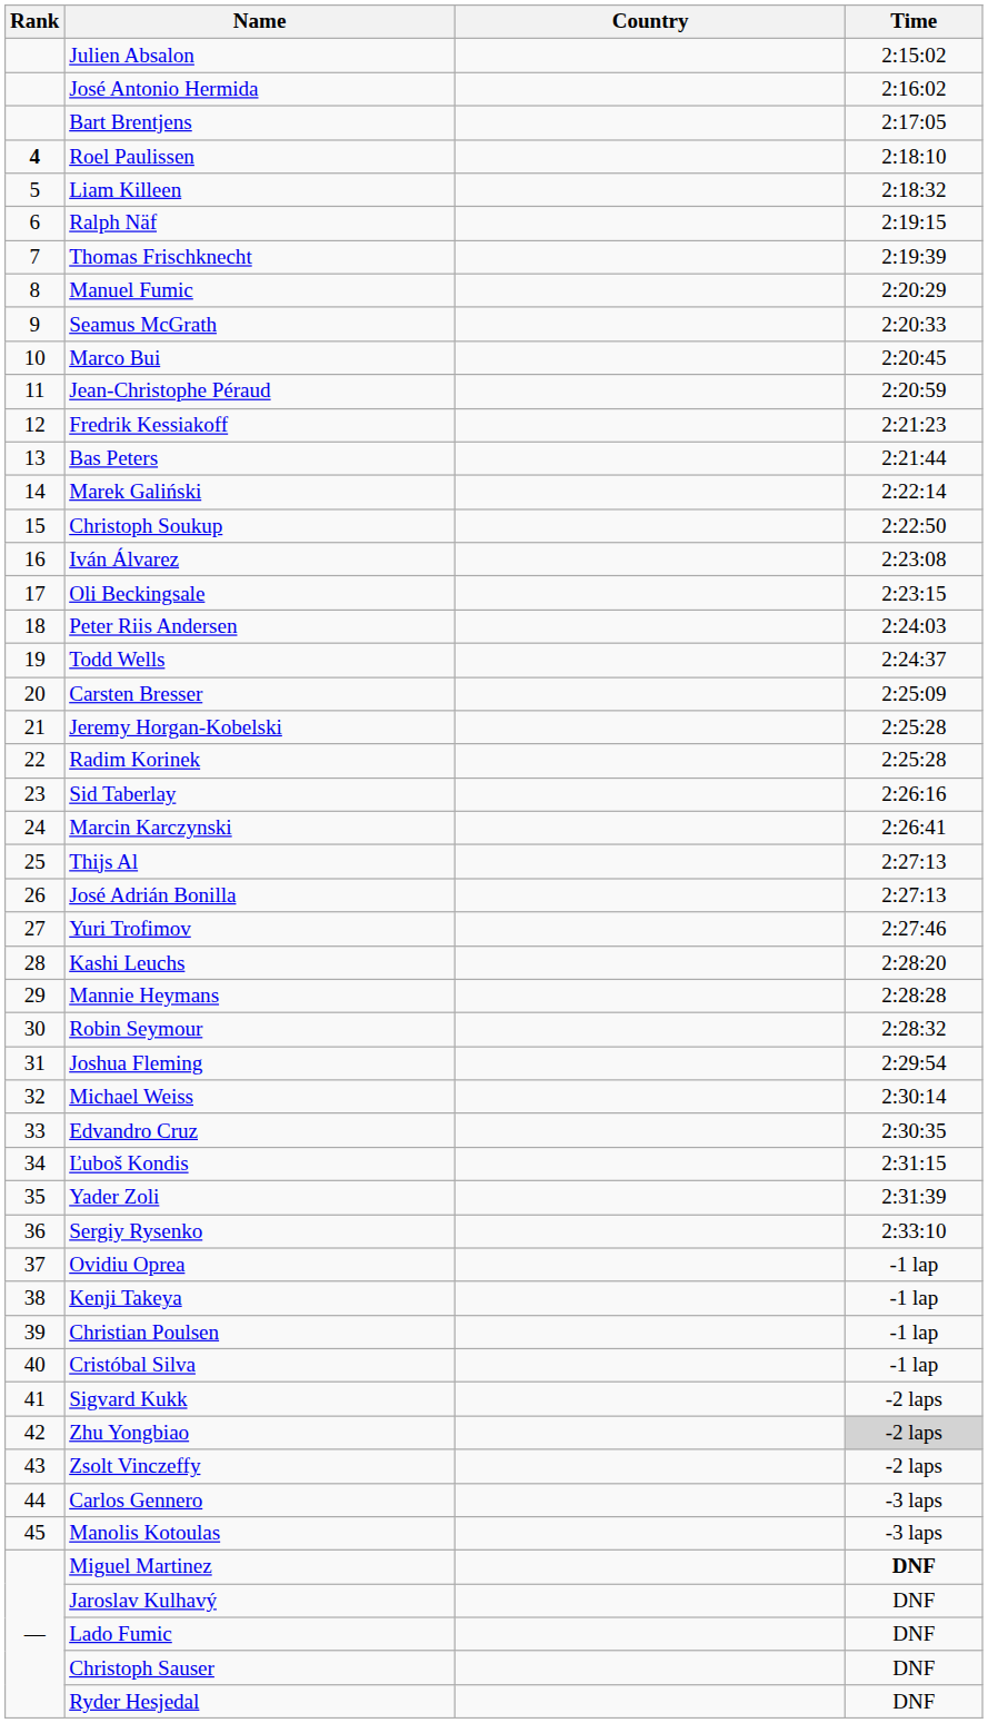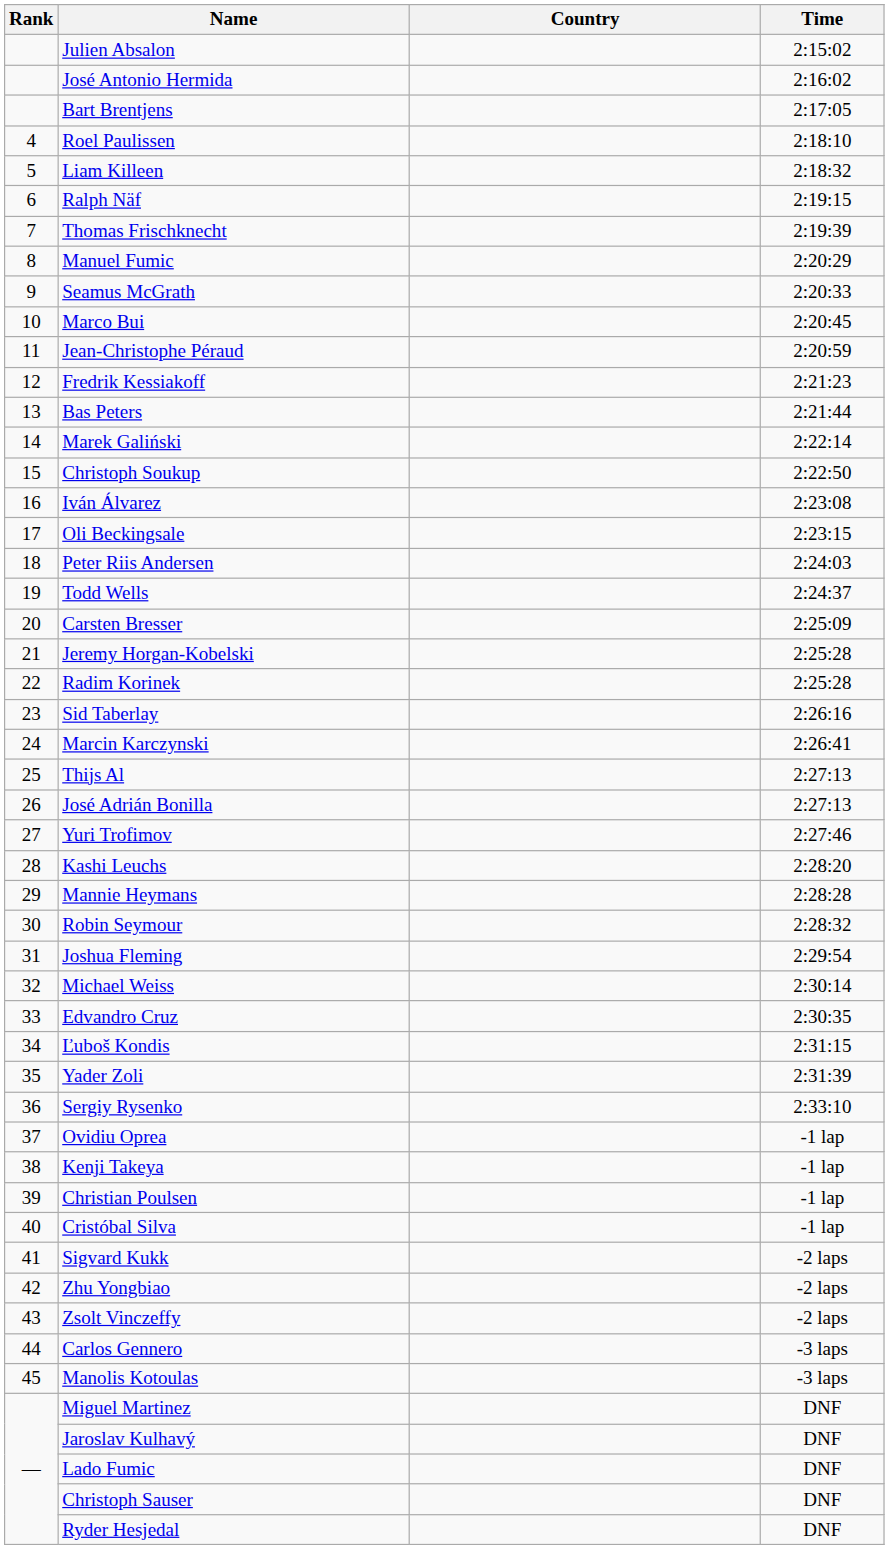 <table class="wikitable sortable" style="text-align:center;">
 <tr>
 <th>Rank</th>
 <th style="width:18em">Name</th>
 <th style="width:18em">Country</th>
 <th style="width:6em">Time</th>
 </tr>
 <tr>
 <td></td>
 <td align=left><a href='#'>Julien Absalon</a></td>
 <td></td>
 <td>2:15:02</td>
 </tr>
 <tr>
 <td></td>
 <td align=left><a href='#'>José Antonio Hermida</a></td>
 <td></td>
 <td>2:16:02</td>
 </tr>
 <tr>
 <td></td>
 <td align=left><a href='#'>Bart Brentjens</a></td>
 <td></td>
 <td>2:17:05</td>
 </tr>
 <tr>
-<td><strong>4</strong></td>
+<td>4</td>
 <td align=left><a href='#'>Roel Paulissen</a></td>
 <td></td>
 <td>2:18:10</td>
 </tr>
 <tr>
 <td>5</td>
 <td align=left><a href='#'>Liam Killeen</a></td>
 <td></td>
 <td>2:18:32</td>
 </tr>
 <tr>
 <td>6</td>
 <td align=left><a href='#'>Ralph Näf</a></td>
 <td></td>
 <td>2:19:15</td>
 </tr>
 <tr>
 <td>7</td>
 <td align=left><a href='#'>Thomas Frischknecht</a></td>
 <td></td>
 <td>2:19:39</td>
 </tr>
 <tr>
 <td>8</td>
 <td align=left><a href='#'>Manuel Fumic</a></td>
 <td></td>
 <td>2:20:29</td>
 </tr>
 <tr>
 <td>9</td>
 <td align=left><a href='#'>Seamus McGrath</a></td>
 <td></td>
 <td>2:20:33</td>
 </tr>
 <tr>
 <td>10</td>
 <td align=left><a href='#'>Marco Bui</a></td>
 <td></td>
 <td>2:20:45</td>
 </tr>
 <tr>
 <td>11</td>
 <td align=left><a href='#'>Jean-Christophe Péraud</a></td>
 <td></td>
 <td>2:20:59</td>
 </tr>
 <tr>
 <td>12</td>
 <td align=left><a href='#'>Fredrik Kessiakoff</a></td>
 <td></td>
 <td>2:21:23</td>
 </tr>
 <tr>
 <td>13</td>
 <td align=left><a href='#'>Bas Peters</a></td>
 <td></td>
 <td>2:21:44</td>
 </tr>
 <tr>
 <td>14</td>
 <td align=left><a href='#'>Marek Galiński</a></td>
 <td></td>
 <td>2:22:14</td>
 </tr>
 <tr>
 <td>15</td>
 <td align=left><a href='#'>Christoph Soukup</a></td>
 <td></td>
 <td>2:22:50</td>
 </tr>
 <tr>
 <td>16</td>
 <td align=left><a href='#'>Iván Álvarez</a></td>
 <td></td>
 <td>2:23:08</td>
 </tr>
 <tr>
 <td>17</td>
 <td align=left><a href='#'>Oli Beckingsale</a></td>
 <td></td>
 <td>2:23:15</td>
 </tr>
 <tr>
 <td>18</td>
 <td align=left><a href='#'>Peter Riis Andersen</a></td>
 <td></td>
 <td>2:24:03</td>
 </tr>
 <tr>
 <td>19</td>
 <td align=left><a href='#'>Todd Wells</a></td>
 <td></td>
 <td>2:24:37</td>
 </tr>
 <tr>
 <td>20</td>
 <td align=left><a href='#'>Carsten Bresser</a></td>
 <td></td>
 <td>2:25:09</td>
 </tr>
 <tr>
 <td>21</td>
 <td align=left><a href='#'>Jeremy Horgan-Kobelski</a></td>
 <td></td>
 <td>2:25:28</td>
 </tr>
 <tr>
 <td>22</td>
 <td align=left><a href='#'>Radim Korinek</a></td>
 <td></td>
 <td>2:25:28</td>
 </tr>
 <tr>
 <td>23</td>
 <td align=left><a href='#'>Sid Taberlay</a></td>
 <td></td>
 <td>2:26:16</td>
 </tr>
 <tr>
 <td>24</td>
 <td align=left><a href='#'>Marcin Karczynski</a></td>
 <td></td>
 <td>2:26:41</td>
 </tr>
 <tr>
 <td>25</td>
 <td align=left><a href='#'>Thijs Al</a></td>
 <td></td>
 <td>2:27:13</td>
 </tr>
 <tr>
 <td>26</td>
 <td align=left><a href='#'>José Adrián Bonilla</a></td>
 <td></td>
 <td>2:27:13</td>
 </tr>
 <tr>
 <td>27</td>
 <td align=left><a href='#'>Yuri Trofimov</a></td>
 <td></td>
 <td>2:27:46</td>
 </tr>
 <tr>
 <td>28</td>
 <td align=left><a href='#'>Kashi Leuchs</a></td>
 <td></td>
 <td>2:28:20</td>
 </tr>
 <tr>
 <td>29</td>
 <td align=left><a href='#'>Mannie Heymans</a></td>
 <td></td>
 <td>2:28:28</td>
 </tr>
 <tr>
 <td>30</td>
 <td align=left><a href='#'>Robin Seymour</a></td>
 <td></td>
 <td>2:28:32</td>
 </tr>
 <tr>
 <td>31</td>
 <td align=left><a href='#'>Joshua Fleming</a></td>
 <td></td>
 <td>2:29:54</td>
 </tr>
 <tr>
 <td>32</td>
 <td align=left><a href='#'>Michael Weiss</a></td>
 <td></td>
 <td>2:30:14</td>
 </tr>
 <tr>
 <td>33</td>
 <td align=left><a href='#'>Edvandro Cruz</a></td>
 <td></td>
 <td>2:30:35</td>
 </tr>
 <tr>
 <td>34</td>
 <td align=left><a href='#'>Ľuboš Kondis</a></td>
 <td></td>
 <td>2:31:15</td>
 </tr>
 <tr>
 <td>35</td>
 <td align=left><a href='#'>Yader Zoli</a></td>
 <td></td>
 <td>2:31:39</td>
 </tr>
 <tr>
 <td>36</td>
 <td align=left><a href='#'>Sergiy Rysenko</a></td>
 <td></td>
 <td>2:33:10</td>
 </tr>
 <tr>
 <td>37</td>
 <td align=left><a href='#'>Ovidiu Oprea</a></td>
 <td></td>
 <td>-1 lap</td>
 </tr>
 <tr>
 <td>38</td>
 <td align=left><a href='#'>Kenji Takeya</a></td>
 <td></td>
 <td>-1 lap</td>
 </tr>
 <tr>
 <td>39</td>
 <td align=left><a href='#'>Christian Poulsen</a></td>
 <td></td>
 <td>-1 lap</td>
 </tr>
 <tr>
 <td>40</td>
 <td align=left><a href='#'>Cristóbal Silva</a></td>
 <td></td>
 <td>-1 lap</td>
 </tr>
 <tr>
 <td>41</td>
 <td align=left><a href='#'>Sigvard Kukk</a></td>
 <td></td>
 <td>-2 laps</td>
 </tr>
 <tr>
 <td>42</td>
 <td align=left><a href='#'>Zhu Yongbiao</a></td>
 <td></td>
-<td style="background: lightgrey;">-2 laps</td>
+<td>-2 laps</td>
 </tr>
 <tr>
 <td>43</td>
 <td align=left><a href='#'>Zsolt Vinczeffy</a></td>
 <td></td>
 <td>-2 laps</td>
 </tr>
 <tr>
 <td>44</td>
 <td align=left><a href='#'>Carlos Gennero</a></td>
 <td></td>
 <td>-3 laps</td>
 </tr>
 <tr>
 <td>45</td>
 <td align=left><a href='#'>Manolis Kotoulas</a></td>
 <td></td>
 <td>-3 laps</td>
 </tr>
 <tr>
 <td rowspan=5>—</td>
 <td align=left><a href='#'>Miguel Martinez</a></td>
 <td></td>
-<td><strong>DNF</strong></td>
+<td>DNF</td>
 </tr>
 <tr>
 <td align=left><a href='#'>Jaroslav Kulhavý</a></td>
 <td></td>
 <td>DNF</td>
 </tr>
 <tr>
 <td align=left><a href='#'>Lado Fumic</a></td>
 <td></td>
 <td>DNF</td>
 </tr>
 <tr>
 <td align=left><a href='#'>Christoph Sauser</a></td>
 <td></td>
 <td>DNF</td>
 </tr>
 <tr>
 <td align=left><a href='#'>Ryder Hesjedal</a></td>
 <td></td>
 <td>DNF</td>
 </tr>
 </table>
